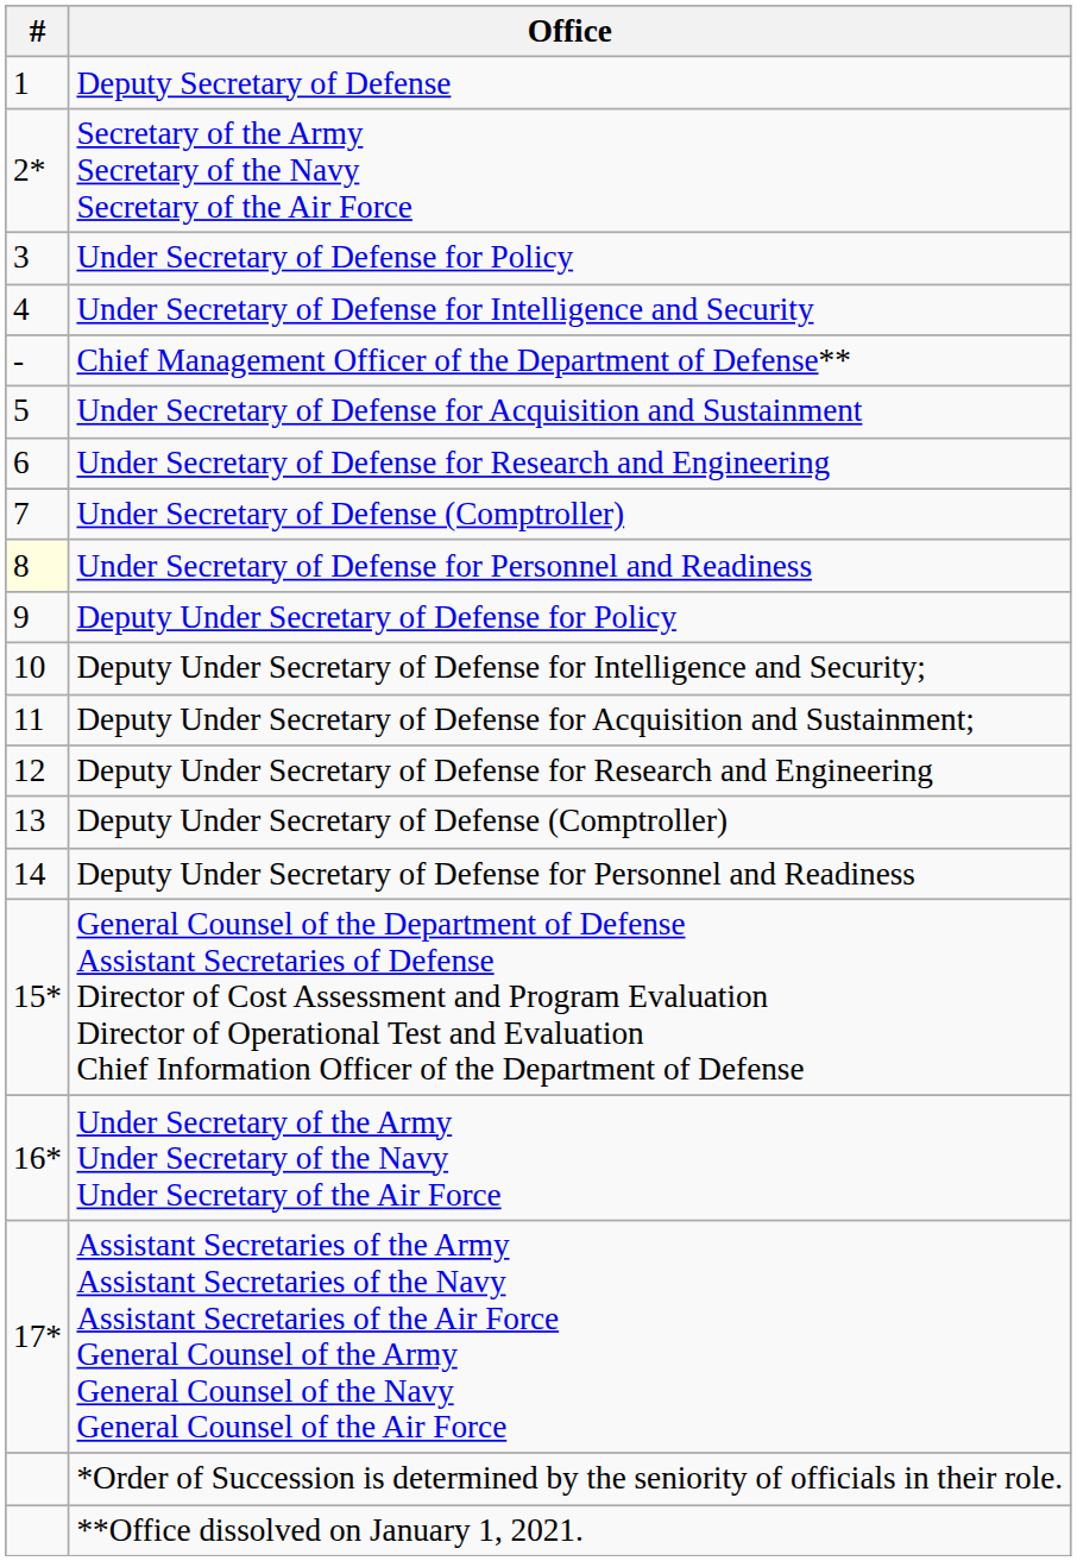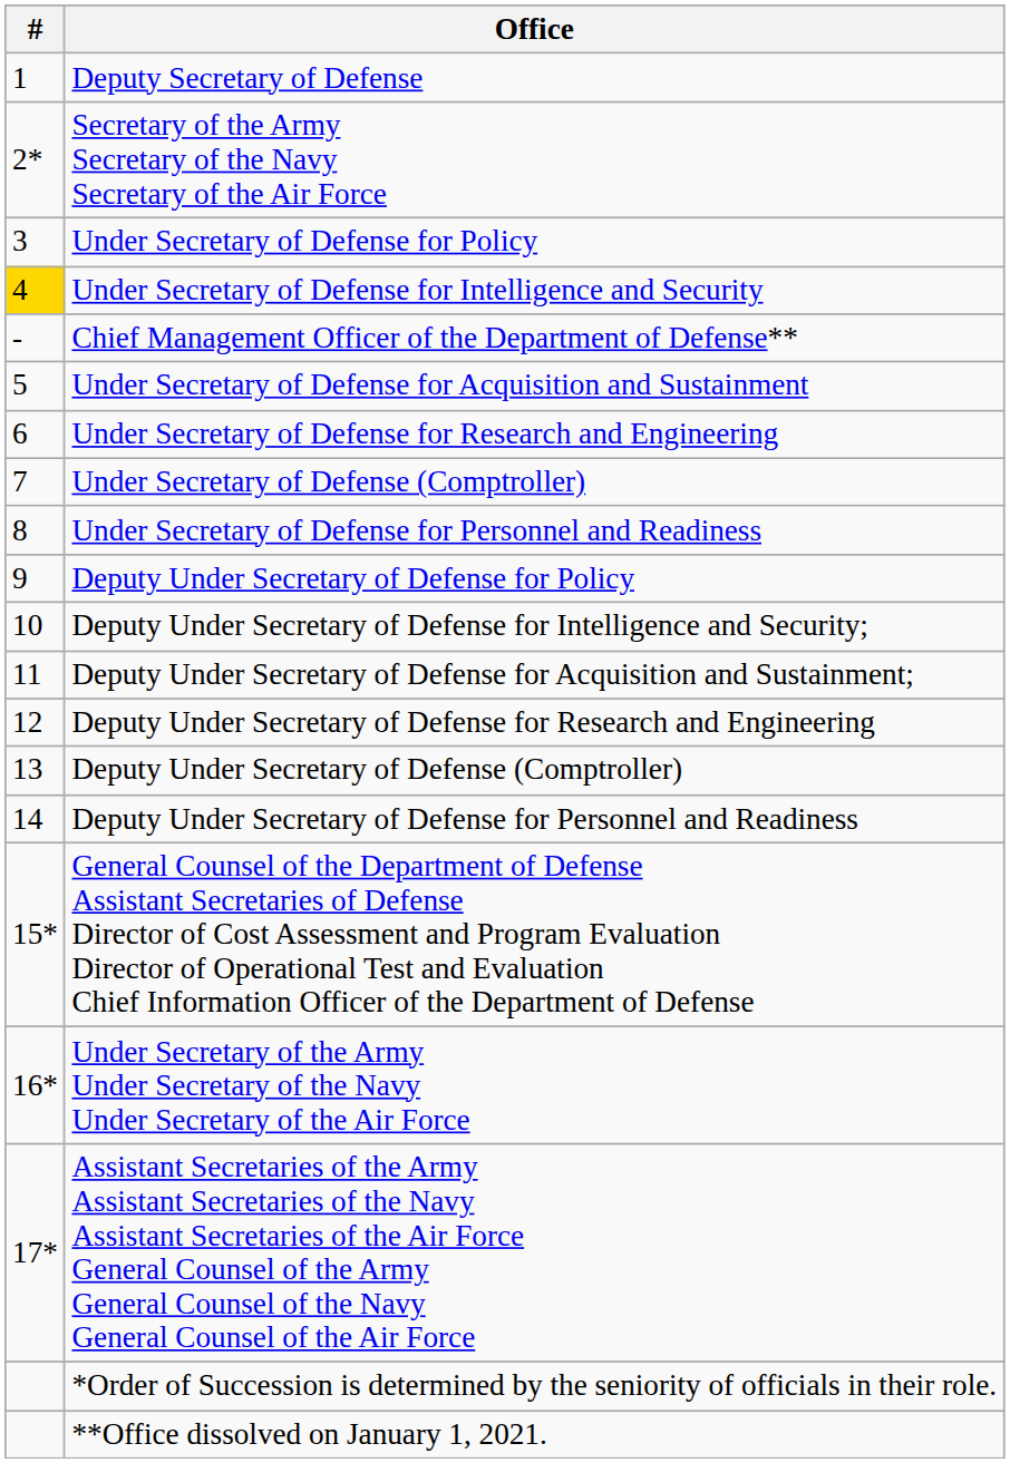 <table class="wikitable">
 <tr>
 <th>#</th>
 <th>Office</th>
 </tr>
 <tr>
 <td>1</td>
 <td><a href='#'>Deputy Secretary of Defense</a></td>
 </tr>
 <tr>
 <td>2*</td>
 <td><a href='#'>Secretary of the Army</a><br><a href='#'>Secretary of the Navy</a><br><a href='#'>Secretary of the Air Force</a></td>
 </tr>
 <tr>
 <td>3</td>
 <td><a href='#'>Under Secretary of Defense for Policy</a></td>
 </tr>
 <tr>
-<td>4</td>
+<td style="background: gold;">4</td>
 <td><a href='#'>Under Secretary of Defense for Intelligence and Security</a></td>
 </tr>
 <tr>
 <td>-</td>
 <td><a href='#'>Chief Management Officer of the Department of Defense</a>**</td>
 </tr>
 <tr>
 <td>5</td>
 <td><a href='#'>Under Secretary of Defense for Acquisition and Sustainment</a></td>
 </tr>
 <tr>
 <td>6</td>
 <td><a href='#'>Under Secretary of Defense for Research and Engineering</a></td>
 </tr>
 <tr>
 <td>7</td>
 <td><a href='#'>Under Secretary of Defense (Comptroller)</a></td>
 </tr>
 <tr>
-<td style="background: lightyellow;">8</td>
+<td>8</td>
 <td><a href='#'>Under Secretary of Defense for Personnel and Readiness</a></td>
 </tr>
 <tr>
 <td>9</td>
 <td><a href='#'>Deputy Under Secretary of Defense for Policy</a></td>
 </tr>
 <tr>
 <td>10</td>
 <td>Deputy Under Secretary of Defense for Intelligence and Security;</td>
 </tr>
 <tr>
 <td>11</td>
 <td>Deputy Under Secretary of Defense for Acquisition and Sustainment;</td>
 </tr>
 <tr>
 <td>12</td>
 <td>Deputy Under Secretary of Defense for Research and Engineering</td>
 </tr>
 <tr>
 <td>13</td>
 <td>Deputy Under Secretary of Defense (Comptroller)</td>
 </tr>
 <tr>
 <td>14</td>
 <td>Deputy Under Secretary of Defense for Personnel and Readiness</td>
 </tr>
 <tr>
 <td>15*</td>
 <td><a href='#'>General Counsel of the Department of Defense</a><br><a href='#'>Assistant Secretaries of Defense</a><br>Director of Cost Assessment and Program Evaluation<br>Director of Operational Test and Evaluation<br>Chief Information Officer of the Department of Defense</td>
 </tr>
 <tr>
 <td>16*</td>
 <td><a href='#'>Under Secretary of the Army</a><br><a href='#'>Under Secretary of the Navy</a><br><a href='#'>Under Secretary of the Air Force</a></td>
 </tr>
 <tr>
 <td>17*</td>
 <td><a href='#'>Assistant Secretaries of the Army</a><br><a href='#'>Assistant Secretaries of the Navy</a><br><a href='#'>Assistant Secretaries of the Air Force</a><br><a href='#'>General Counsel of the Army</a><br><a href='#'>General Counsel of the Navy</a><br><a href='#'>General Counsel of the Air Force</a></td>
 </tr>
 <tr>
 <td></td>
 <td>*Order of Succession is determined by the seniority of officials in their role.</td>
 </tr>
 <tr>
 <td></td>
 <td>**Office dissolved on January 1, 2021.</td>
 </tr>
 </table>
